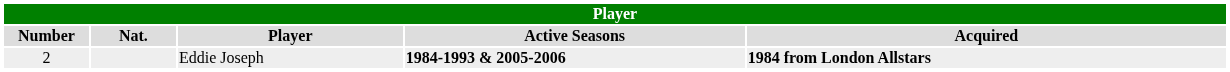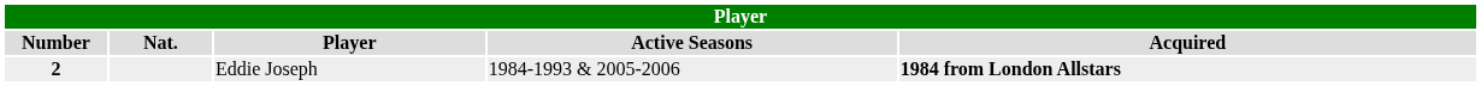 <table class="toccolours"  style="width:97%; clear:both; margin:1.5em auto; text-align:center;">
 <tr>
 <th colspan="11" style="background:green; color:white;">Player</th>
 </tr>
 <tr style="background:#ddd;">
 <th width=7%>Number</th>
 <th width=7%>Nat.</th>
 <th !width=30%>Player</th>
 <th width=28%>Active Seasons</th>
 <th widith=28%>Acquired</th>
 </tr>
 <tr style="background:#eee;">
-<td align="centre">2</td>
+<td align="centre"><strong>2</strong></td>
 <td></td>
 <td align="left">Eddie Joseph</td>
-<td align=left><strong>1984-1993 & 2005-2006</strong></td>
+<td align=left>1984-1993 & 2005-2006</td>
 <td align=left><strong>1984 from London Allstars</strong></td>
 </tr>
 <tr style="background:#eee;">
 </tr>
 </table>
